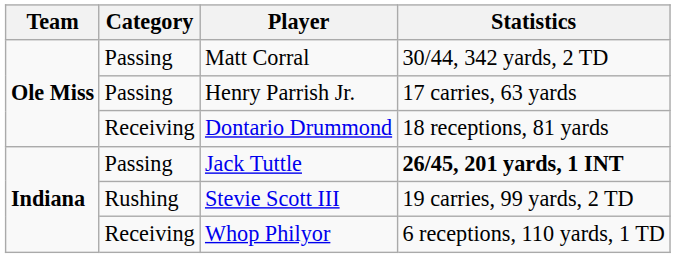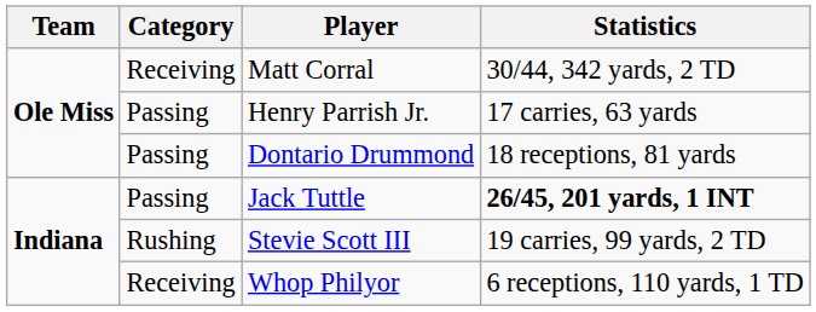 <table class="wikitable" style="float: right;">
 <tr>
 <th>Team</th>
 <th>Category</th>
 <th>Player</th>
 <th>Statistics</th>
 </tr>
 <tr>
 <td rowspan=3><strong>Ole Miss</strong></td>
-<td>Passing</td>
+<td>Receiving</td>
 <td>Matt Corral</td>
 <td>30/44, 342 yards, 2 TD</td>
 </tr>
 <tr>
 <td>Passing</td>
 <td>Henry Parrish Jr.</td>
 <td>17 carries, 63 yards</td>
 </tr>
 <tr>
-<td>Receiving</td>
+<td>Passing</td>
 <td><a href='#'>Dontario Drummond</a></td>
 <td>18 receptions, 81 yards</td>
 </tr>
 <tr>
 <td rowspan=3><strong>Indiana</strong></td>
 <td>Passing</td>
 <td><a href='#'>Jack Tuttle</a></td>
 <td><strong>26/45, 201 yards, 1 INT</strong></td>
 </tr>
 <tr>
 <td>Rushing</td>
 <td><a href='#'>Stevie Scott III</a></td>
 <td>19 carries, 99 yards, 2 TD</td>
 </tr>
 <tr>
 <td>Receiving</td>
 <td><a href='#'>Whop Philyor</a></td>
 <td>6 receptions, 110 yards, 1 TD</td>
 </tr>
 </table>
